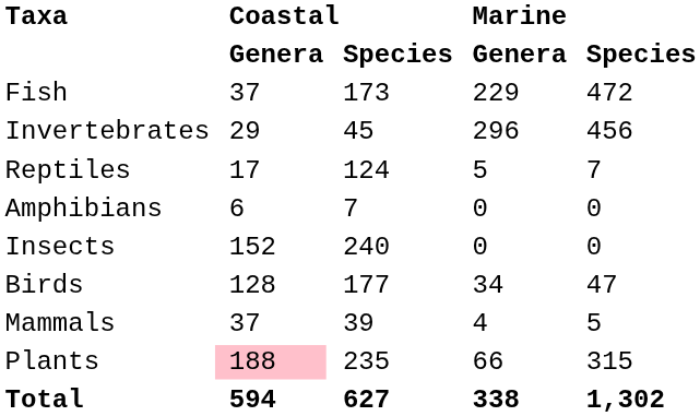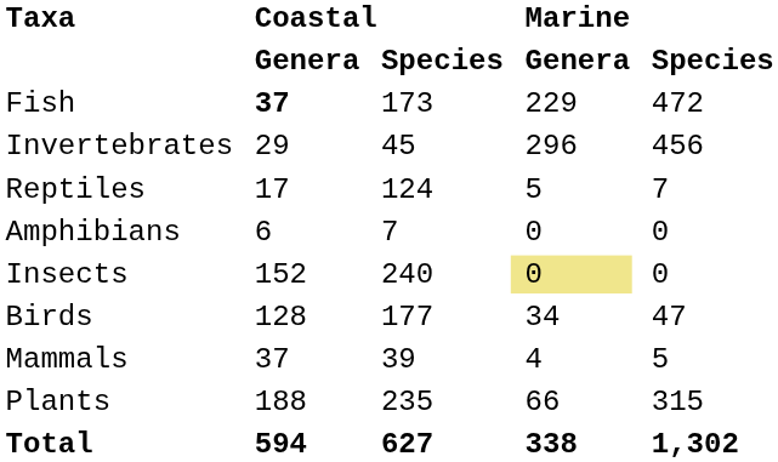 <table>
 <tr>
 <th style="text-align: left;">Taxa</th>
 <th style="text-align: left; padding-left: .5em;" colspan=2>Coastal</th>
 <th style="text-align: left;padding-left: .5em;" colspan=2>Marine</th>
 </tr>
 <tr>
 <th></th>
 <th style="text-align: left; padding-left: .5em;">Genera</th>
 <th style="text-align: left; padding-left: .5em;">Species</th>
 <th style="text-align: left; padding-left: .5em;">Genera</th>
 <th style="text-align: left; padding-left: .5em;">Species</th>
 </tr>
 <tr>
 <td>Fish</td>
-<td style="padding-left: .5em;">37</td>
+<td style="padding-left: .5em;"><strong>37</strong></td>
 <td style="padding-left: .5em;">173</td>
 <td style="padding-left: .5em;">229</td>
 <td style="padding-left: .5em;">472</td>
 </tr>
 <tr>
 <td>Invertebrates</td>
 <td style="padding-left: .5em;">29</td>
 <td style="padding-left: .5em;">45</td>
 <td style="padding-left: .5em;">296</td>
 <td style="padding-left: .5em;">456</td>
 </tr>
 <tr>
 <td>Reptiles</td>
 <td style="padding-left: .5em;">17</td>
 <td style="padding-left: .5em;">124</td>
 <td style="padding-left: .5em;">5</td>
 <td style="padding-left: .5em;">7</td>
 </tr>
 <tr>
 <td>Amphibians</td>
 <td style="padding-left: .5em;">6</td>
 <td style="padding-left: .5em;">7</td>
 <td style="padding-left: .5em;">0</td>
 <td style="padding-left: .5em;">0</td>
 </tr>
 <tr>
 <td>Insects</td>
 <td style="padding-left: .5em;">152</td>
 <td style="padding-left: .5em;">240</td>
-<td style="padding-left: .5em;">0</td>
+<td style="background: khaki; padding-left: .5em;">0</td>
 <td style="padding-left: .5em;">0</td>
 </tr>
 <tr>
 <td>Birds</td>
 <td style="padding-left: .5em;">128</td>
 <td style="padding-left: .5em;">177</td>
 <td style="padding-left: .5em;">34</td>
 <td style="padding-left: .5em;">47</td>
 </tr>
 <tr>
 <td>Mammals</td>
 <td style="padding-left: .5em;">37</td>
 <td style="padding-left: .5em;">39</td>
 <td style="padding-left: .5em;">4</td>
 <td style="padding-left: .5em;">5</td>
 </tr>
 <tr>
 <td>Plants</td>
-<td style="background: pink; padding-left: .5em;">188</td>
+<td style="padding-left: .5em;">188</td>
 <td style="padding-left: .5em;">235</td>
 <td style="padding-left: .5em;">66</td>
 <td style="padding-left: .5em;">315</td>
 </tr>
 <tr>
 <th style="text-align: left;">Total</th>
 <th style="text-align: left;padding-left: .5em;">594</th>
 <th style="text-align: left;padding-left: .5em;">627</th>
 <th style="text-align: left;padding-left: .5em;">338</th>
 <th style="text-align: left;padding-left: .5em;">1,302</th>
 </tr>
 </table>
